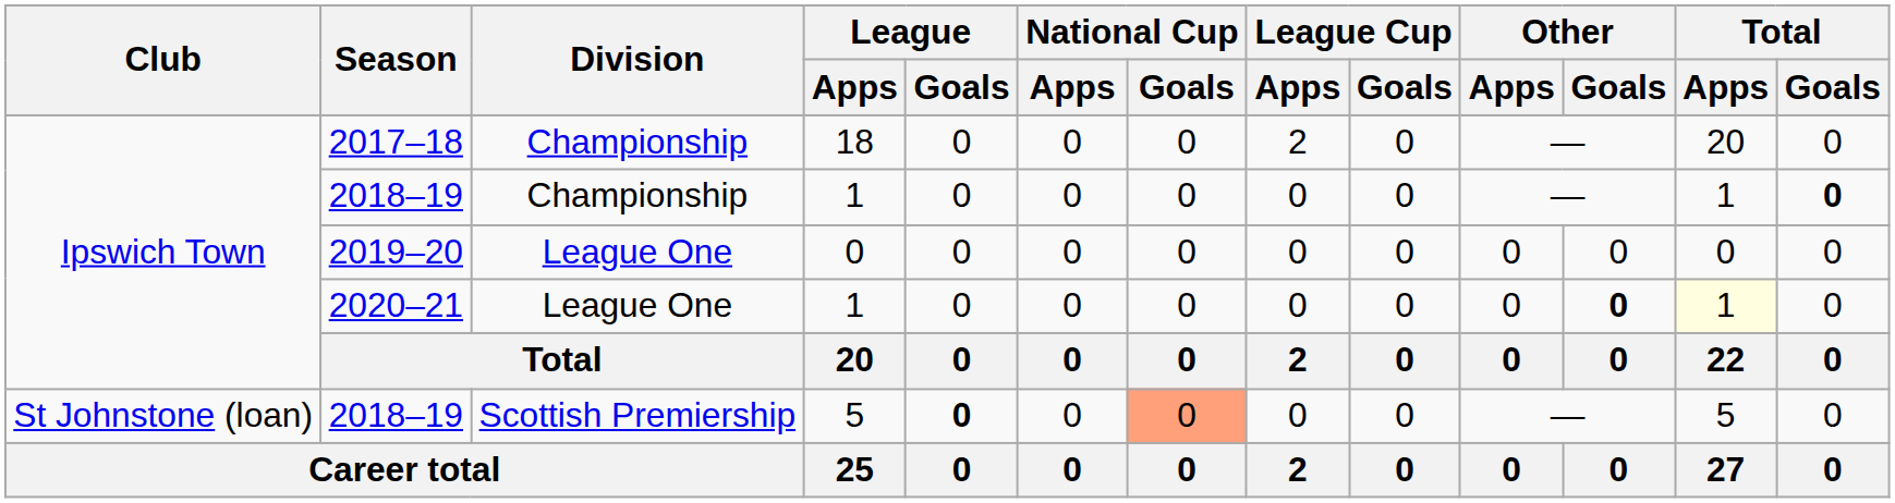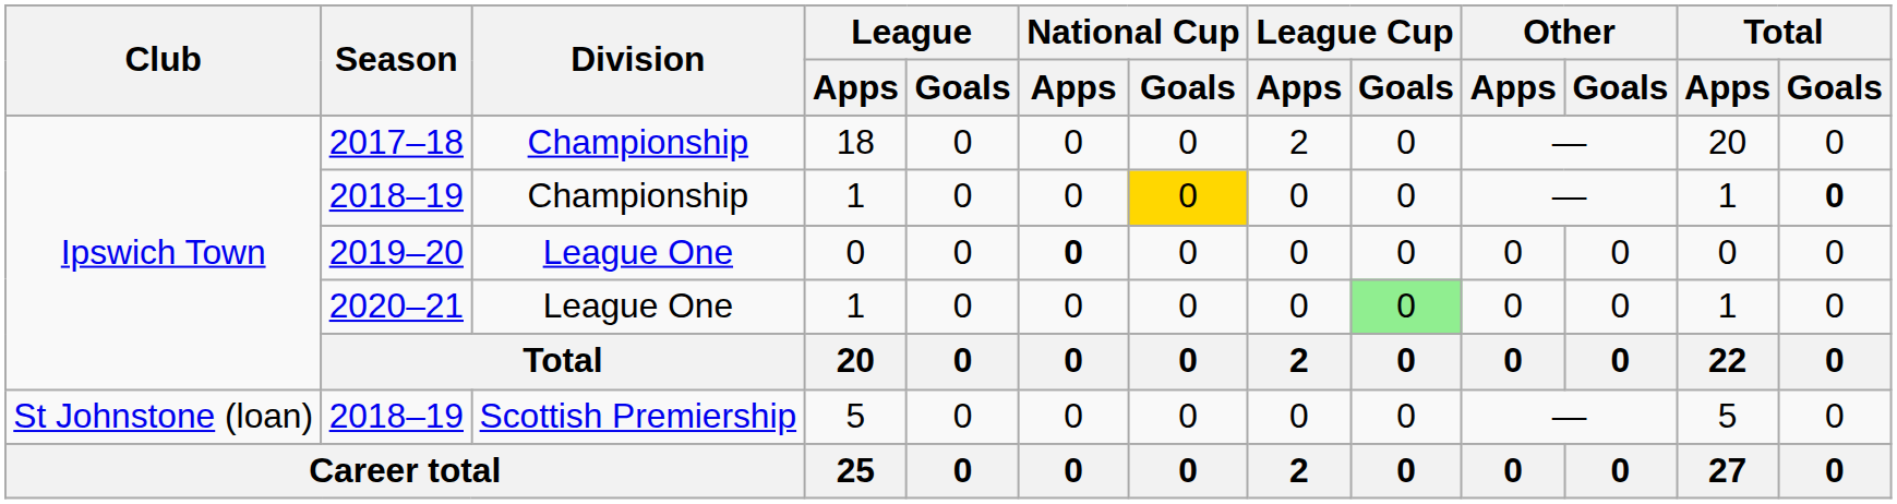 <table class="wikitable" style="text-align:center">
 <tr>
 <th rowspan="2">Club</th>
 <th rowspan="2">Season</th>
 <th rowspan="2">Division</th>
 <th colspan="2">League</th>
 <th colspan="2">National Cup</th>
 <th colspan="2">League Cup</th>
 <th colspan="2">Other</th>
 <th colspan="2">Total</th>
 </tr>
 <tr>
 <th>Apps</th>
 <th>Goals</th>
 <th>Apps</th>
 <th>Goals</th>
 <th>Apps</th>
 <th>Goals</th>
 <th>Apps</th>
 <th>Goals</th>
 <th>Apps</th>
 <th>Goals</th>
 </tr>
 <tr>
 <td rowspan="5"><a href='#'>Ipswich Town</a></td>
 <td><a href='#'>2017–18</a></td>
 <td><a href='#'>Championship</a></td>
 <td>18</td>
 <td>0</td>
 <td>0</td>
 <td>0</td>
 <td>2</td>
 <td>0</td>
 <td colspan="2">—</td>
 <td>20</td>
 <td>0</td>
 </tr>
 <tr>
 <td><a href='#'>2018–19</a></td>
 <td>Championship</td>
 <td>1</td>
 <td>0</td>
 <td>0</td>
-<td>0</td>
+<td style="background: gold;">0</td>
 <td>0</td>
 <td>0</td>
 <td colspan="2">—</td>
 <td>1</td>
 <td><strong>0</strong></td>
 </tr>
 <tr>
 <td><a href='#'>2019–20</a></td>
 <td><a href='#'>League One</a></td>
 <td>0</td>
 <td>0</td>
-<td>0</td>
+<td><strong>0</strong></td>
 <td>0</td>
 <td>0</td>
 <td>0</td>
 <td>0</td>
 <td>0</td>
 <td>0</td>
 <td>0</td>
 </tr>
 <tr>
 <td><a href='#'>2020–21</a></td>
 <td>League One</td>
 <td>1</td>
 <td>0</td>
 <td>0</td>
 <td>0</td>
 <td>0</td>
+<td style="background: lightgreen;">0</td>
 <td>0</td>
 <td>0</td>
-<td><strong>0</strong></td>
-<td style="background: lightyellow;">1</td>
+<td>1</td>
 <td>0</td>
 </tr>
 <tr>
 <th colspan="2">Total</th>
 <th>20</th>
 <th>0</th>
 <th>0</th>
 <th>0</th>
 <th>2</th>
 <th>0</th>
 <th>0</th>
 <th>0</th>
 <th>22</th>
 <th>0</th>
 </tr>
 <tr>
 <td><a href='#'>St Johnstone</a> (loan)</td>
 <td><a href='#'>2018–19</a></td>
 <td><a href='#'>Scottish Premiership</a></td>
 <td>5</td>
-<td><strong>0</strong></td>
 <td>0</td>
-<td style="background: lightsalmon;">0</td>
+<td>0</td>
+<td>0</td>
 <td>0</td>
 <td>0</td>
 <td colspan="2">—</td>
 <td>5</td>
 <td>0</td>
 </tr>
 <tr>
 <th colspan="3">Career total</th>
 <th>25</th>
 <th>0</th>
 <th>0</th>
 <th>0</th>
 <th>2</th>
 <th>0</th>
 <th>0</th>
 <th>0</th>
 <th>27</th>
 <th>0</th>
 </tr>
 </table>
